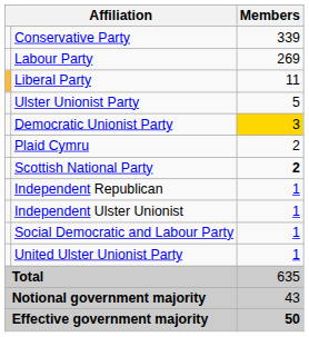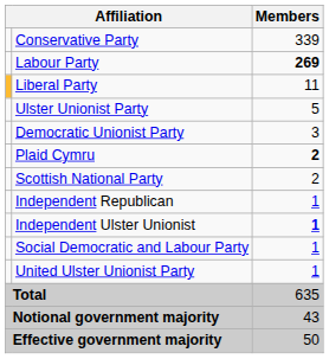 <table class="wikitable">
 <tr>
 <th colspan="2">Affiliation</th>
 <th>Members</th>
 </tr>
 <tr>
 <td style="color:inherit;background:"></td>
 <td><a href='#'>Conservative Party</a></td>
 <td align="right">339</td>
 </tr>
 <tr>
 <td style="color:inherit;background:"></td>
 <td><a href='#'>Labour Party</a></td>
-<td align="right">269</td>
+<td align="right"><strong>269</strong></td>
 </tr>
 <tr>
 <td style="color:inherit;background:#FDBB30"></td>
 <td><a href='#'>Liberal Party</a></td>
 <td align="right">11</td>
 </tr>
 <tr>
 <td style="color:inherit;background:"></td>
 <td><a href='#'>Ulster Unionist Party</a></td>
 <td align="right">5</td>
 </tr>
 <tr>
 <td style="color:inherit;background:"></td>
 <td><a href='#'>Democratic Unionist Party</a></td>
-<td align="right" style="background: gold;">3</td>
+<td align="right">3</td>
 </tr>
 <tr>
 <td style="color:inherit;background:"></td>
 <td><a href='#'>Plaid Cymru</a></td>
-<td align="right">2</td>
+<td align="right"><strong>2</strong></td>
 </tr>
 <tr>
 <td style="color:inherit;background:"></td>
 <td><a href='#'>Scottish National Party</a></td>
-<td align="right"><strong>2</strong></td>
+<td align="right">2</td>
 </tr>
 <tr>
 <td style="color:inherit;background:"></td>
 <td><a href='#'>Independent</a> Republican</td>
 <td align="right"><a href='#'>1</a></td>
 </tr>
 <tr>
 <td style="color:inherit;background:"></td>
 <td><a href='#'>Independent</a> Ulster Unionist</td>
-<td align="right"><a href='#'>1</a></td>
+<td align="right"><strong><a href='#'>1</a></strong></td>
 </tr>
 <tr>
 <td style="color:inherit;background:"></td>
 <td><a href='#'>Social Democratic and Labour Party</a></td>
 <td align="right"><a href='#'>1</a></td>
 </tr>
 <tr>
 <td style="color:inherit;background:"></td>
 <td><a href='#'>United Ulster Unionist Party</a></td>
 <td align="right"><a href='#'>1</a></td>
 </tr>
 <tr bgcolor="CCCCCC">
 <td colspan="2" rowspan="1"> <strong>Total</strong></td>
 <td align="right">635</td>
 </tr>
 <tr bgcolor="CCCCCC">
 <td colspan="2" rowspan="1"> <strong>Notional government majority</strong></td>
 <td align="right">43</td>
 </tr>
 <tr bgcolor="CCCCCC">
 <td colspan="2" rowspan="1"> <strong>Effective government majority</strong></td>
-<td align="right"><strong>50</strong></td>
+<td align="right">50</td>
 </tr>
 </table>
